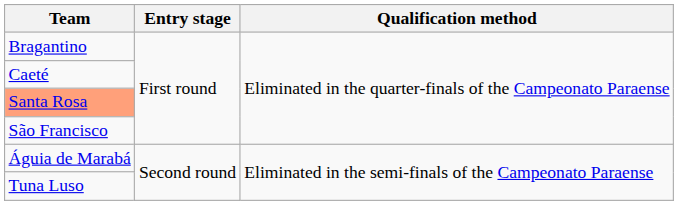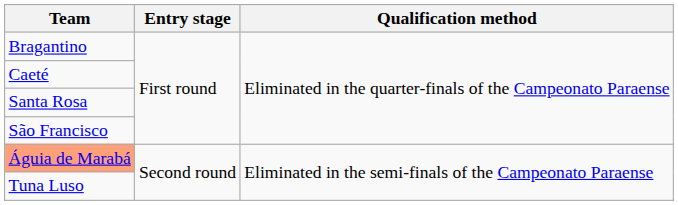 <table class="wikitable">
 <tr>
 <th>Team </th>
 <th>Entry stage</th>
 <th>Qualification method</th>
 </tr>
 <tr>
 <td><a href='#'>Bragantino</a></td>
 <td rowspan=4>First round</td>
 <td rowspan=4>Eliminated in the quarter-finals of the <a href='#'>Campeonato Paraense</a></td>
 </tr>
 <tr>
 <td><a href='#'>Caeté</a></td>
 </tr>
 <tr>
-<td style="background: lightsalmon;"><a href='#'>Santa Rosa</a></td>
+<td><a href='#'>Santa Rosa</a></td>
 </tr>
 <tr>
 <td><a href='#'>São Francisco</a></td>
 </tr>
 <tr>
-<td><a href='#'>Águia de Marabá</a></td>
+<td style="background: lightsalmon;"><a href='#'>Águia de Marabá</a></td>
 <td rowspan=2>Second round</td>
 <td rowspan=2>Eliminated in the semi-finals of the <a href='#'>Campeonato Paraense</a></td>
 </tr>
 <tr>
 <td><a href='#'>Tuna Luso</a></td>
 </tr>
 </table>
